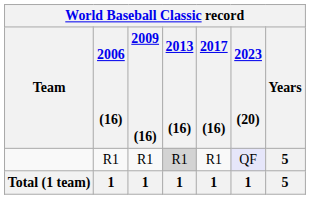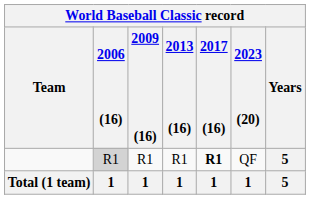 <table class="wikitable" style="text-align:center; font-size:85%;">
 <tr>
 <th colspan=26><a href='#'>World Baseball Classic</a> record</th>
 </tr>
 <tr>
 <th>Team</th>
 <th><a href='#'>2006</a><br><br><br><br>(16)</th>
 <th><a href='#'>2009</a><br><br><br><br><br><br>(16)</th>
 <th><a href='#'>2013</a><br><br><br><br><br>(16)</th>
 <th><a href='#'>2017</a><br><br><br><br><br>(16)</th>
 <th><a href='#'>2023</a><br><br><br><br>(20)</th>
 <th>Years</th>
 </tr>
 <tr>
 <td align=left></td>
+<td style="background: lightgrey;">R1</td>
 <td>R1</td>
 <td>R1</td>
-<td style="background: lightgrey;">R1</td>
-<td>R1</td>
-<td style="background: lavender;">QF</td>
+<td><strong>R1</strong></td>
+<td>QF</td>
 <th>5</th>
 </tr>
 <tr>
 <th>Total (1 team)</th>
 <th>1</th>
 <th>1</th>
 <th>1</th>
 <th>1</th>
 <th>1</th>
 <th>5</th>
 </tr>
 </table>
